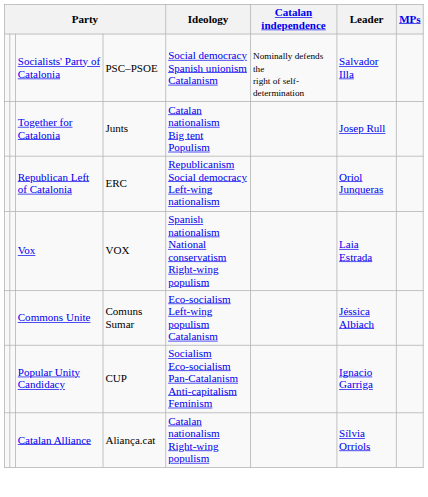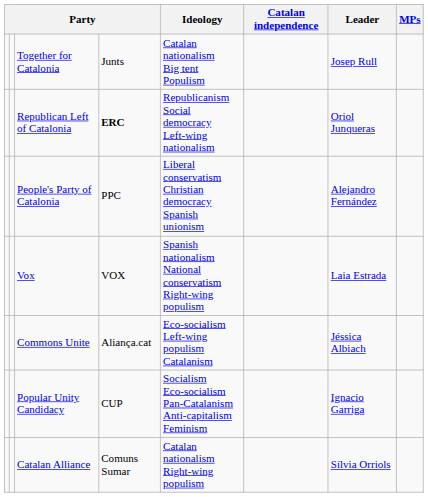 <table class="wikitable">
 <tr>
 <th colspan="4">Party</th>
 <th>Ideology</th>
 <th><a href='#'>Catalan independence</a></th>
 <th>Leader</th>
 <th><a href='#'>MPs</a></th>
-</tr>
-<tr>
-<td width="1"></td>
-<td align="center"></td>
-<td><a href='#'>Socialists' Party of Catalonia</a><br></td>
-<td>PSC–PSOE</td>
-<td><a href='#'>Social democracy</a><br><a href='#'>Spanish unionism</a><br><a href='#'>Catalanism</a></td>
-<td><br><small>Nominally defends the<br>right of self-determination</small></td>
-<td><a href='#'>Salvador Illa</a></td>
-<td></td>
 </tr>
 <tr>
 <td></td>
 <td align="center"></td>
 <td><a href='#'>Together for Catalonia</a><br></td>
 <td>Junts</td>
 <td><a href='#'>Catalan nationalism</a><br><a href='#'>Big tent</a><br><a href='#'>Populism</a></td>
 <td></td>
 <td><a href='#'>Josep Rull</a></td>
 <td></td>
 </tr>
 <tr>
 <td></td>
 <td align="center"></td>
 <td><a href='#'>Republican Left of Catalonia</a><br></td>
-<td>ERC</td>
+<td><strong>ERC</strong></td>
 <td><a href='#'>Republicanism</a><br><a href='#'>Social democracy</a><br><a href='#'>Left-wing nationalism</a></td>
 <td></td>
 <td><a href='#'>Oriol Junqueras</a></td>
+<td></td>
+</tr>
+<tr>
+<td></td>
+<td align="center"></td>
+<td><a href='#'>People's Party of Catalonia</a><br></td>
+<td>PPC</td>
+<td><a href='#'>Liberal conservatism</a><br><a href='#'>Christian democracy</a><br><a href='#'>Spanish unionism</a></td>
+<td></td>
+<td><a href='#'>Alejandro Fernández</a></td>
 <td></td>
 </tr>
 <tr>
 <td></td>
 <td align="center"></td>
 <td><a href='#'>Vox</a><br></td>
 <td>VOX</td>
 <td><a href='#'>Spanish nationalism</a><br><a href='#'>National conservatism</a><br><a href='#'>Right-wing populism</a></td>
 <td></td>
 <td><a href='#'>Laia Estrada</a></td>
 <td></td>
 </tr>
 <tr>
 <td></td>
 <td align="center"></td>
 <td><a href='#'>Commons Unite</a><br></td>
-<td>Comuns Sumar</td>
+<td>Aliança.cat</td>
 <td><a href='#'>Eco-socialism</a><br><a href='#'>Left-wing populism</a><br><a href='#'>Catalanism</a></td>
 <td></td>
 <td><a href='#'>Jéssica Albiach</a></td>
 <td></td>
 </tr>
 <tr>
 <td></td>
 <td align="center"></td>
 <td><a href='#'>Popular Unity Candidacy</a><br></td>
 <td>CUP</td>
 <td><a href='#'>Socialism</a><br><a href='#'>Eco-socialism</a><br><a href='#'>Pan-Catalanism</a><br><a href='#'>Anti-capitalism</a><br><a href='#'>Feminism</a></td>
 <td></td>
 <td><a href='#'>Ignacio Garriga</a></td>
 <td></td>
 </tr>
 <tr>
 <td></td>
 <td align="center"></td>
 <td><a href='#'>Catalan Alliance</a><br></td>
-<td>Aliança.cat</td>
+<td>Comuns Sumar</td>
 <td><a href='#'>Catalan nationalism</a><br><a href='#'>Right-wing populism</a></td>
 <td></td>
 <td><a href='#'>Sílvia Orriols</a></td>
 <td></td>
 </tr>
 </table>
